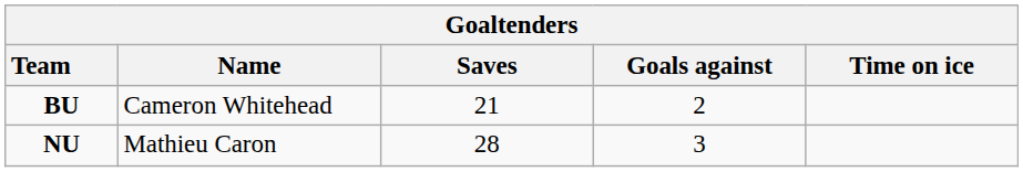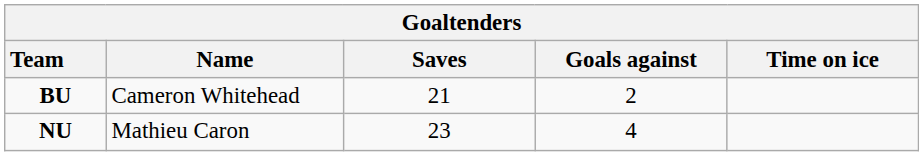 <table class="wikitable" style="width:40em; text-align:right;">
 <tr>
 <th colspan=5>Goaltenders</th>
 </tr>
 <tr>
 <th style="width:4em; text-align:left;">Team</th>
 <th style="width:10em;">Name</th>
 <th style="width:8em;">Saves</th>
 <th style="width:8em;">Goals against</th>
 <th style="width:8em;">Time on ice</th>
 </tr>
 <tr>
 <td align=center><strong>BU</strong></td>
 <td style="text-align:left;">Cameron Whitehead</td>
 <td align=center>21</td>
 <td align=center>2</td>
 <td align=center></td>
 </tr>
 <tr>
 <td align=center><strong>NU</strong></td>
 <td style="text-align:left;">Mathieu Caron</td>
-<td align=center>28</td>
-<td align=center>3</td>
+<td align=center>23</td>
+<td align=center>4</td>
 <td align=center></td>
 </tr>
 </table>
